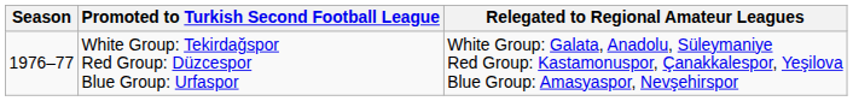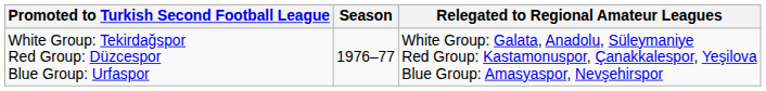 <table class="wikitable">
 <tr>
+<th>Promoted to <a href='#'>Turkish Second Football League</a></th>
 <th>Season</th>
-<th>Promoted to <a href='#'>Turkish Second Football League</a></th>
 <th>Relegated to Regional Amateur Leagues</th>
 </tr>
 <tr>
+<td>White Group: <a href='#'>Tekirdağspor</a><br>Red Group: <a href='#'>Düzcespor</a><br>Blue Group: <a href='#'>Urfaspor</a></td>
 <td>1976–77</td>
-<td>White Group: <a href='#'>Tekirdağspor</a><br>Red Group: <a href='#'>Düzcespor</a><br>Blue Group: <a href='#'>Urfaspor</a></td>
 <td>White Group: <a href='#'>Galata</a>, <a href='#'>Anadolu</a>, <a href='#'>Süleymaniye</a><br>Red Group: <a href='#'>Kastamonuspor</a>, <a href='#'>Çanakkalespor</a>, <a href='#'>Yeşilova</a><br>Blue Group: <a href='#'>Amasyaspor</a>, <a href='#'>Nevşehirspor</a></td>
 </tr>
 </table>
